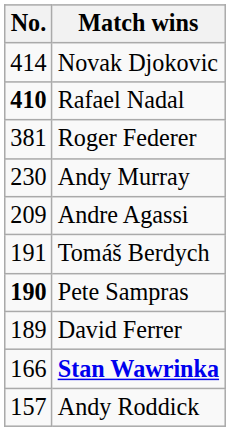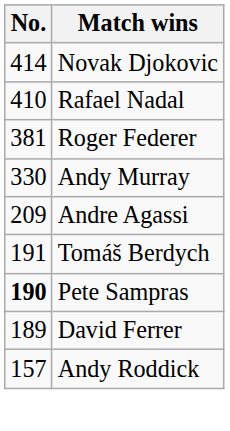 <table class="wikitable nowrap" style="display:inline-table">
 <tr>
 <th scope="col" style="width:20">No.</th>
 <th>Match wins</th>
 </tr>
 <tr>
 <td>414</td>
 <td> Novak Djokovic</td>
 </tr>
 <tr>
-<td><strong>410</strong></td>
+<td>410</td>
 <td> Rafael Nadal</td>
 </tr>
 <tr>
 <td>381</td>
 <td> Roger Federer</td>
 </tr>
 <tr>
-<td>230</td>
+<td>330</td>
 <td> Andy Murray</td>
 </tr>
 <tr>
 <td>209</td>
 <td> Andre Agassi</td>
 </tr>
 <tr>
 <td>191</td>
 <td> Tomáš Berdych</td>
 </tr>
 <tr>
 <td><strong>190</strong></td>
 <td> Pete Sampras</td>
 </tr>
 <tr>
 <td>189</td>
 <td> David Ferrer</td>
 </tr>
 <tr>
-<td>166</td>
-<td> <strong><a href='#'>Stan Wawrinka</a></strong></td>
-</tr>
-<tr>
 <td>157</td>
 <td> Andy Roddick</td>
 </tr>
 </table>
